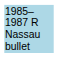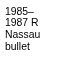 <table style="width:80px;">
 <tr>
 <td></td>
 </tr>
 <tr>
-<td style="background: lightblue;"><div>1985–1987 R Nassau bullet</div></td>
+<td><div>1985–1987 R Nassau bullet</div></td>
 </tr>
 </table>
